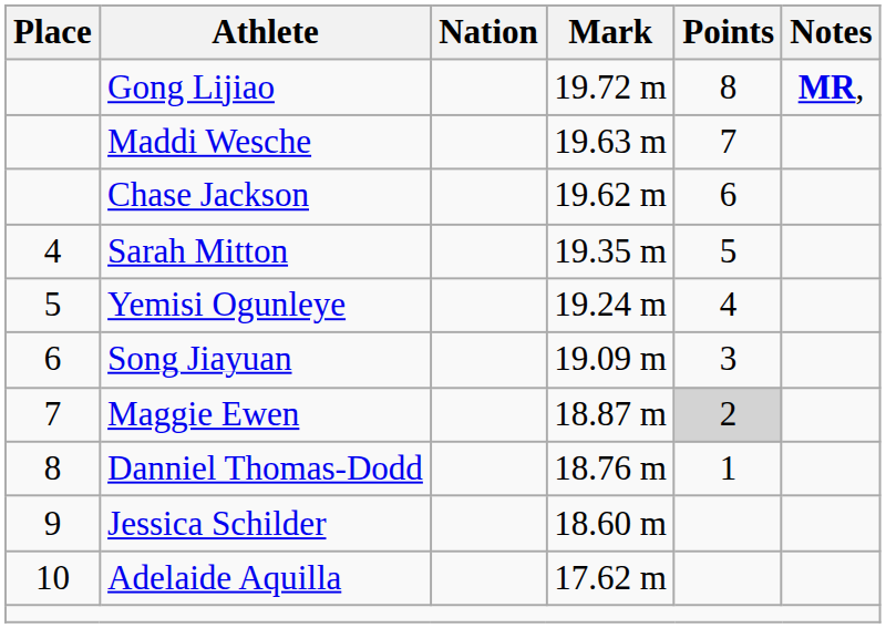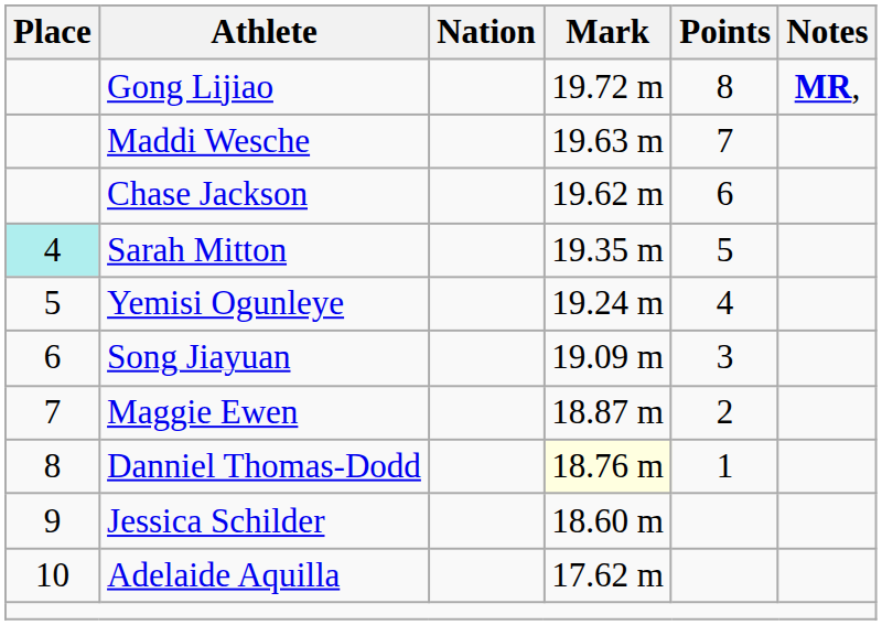 <table class="wikitable mw-datatable sortable" style="text-align:center;">
 <tr>
 <th scope="col">Place</th>
 <th scope="col">Athlete</th>
 <th scope="col">Nation</th>
 <th scope="col">Mark</th>
 <th scope="col">Points</th>
 <th scope="col">Notes</th>
 </tr>
 <tr>
 <td></td>
 <td align="left"><a href='#'>Gong Lijiao</a></td>
 <td align="left"></td>
 <td>19.72 m</td>
 <td>8</td>
 <td><strong><a href='#'>MR</a></strong>, </td>
 </tr>
 <tr>
 <td></td>
 <td align="left"><a href='#'>Maddi Wesche</a></td>
 <td align="left"></td>
 <td>19.63 m</td>
 <td>7</td>
 <td></td>
 </tr>
 <tr>
 <td></td>
 <td align="left"><a href='#'>Chase Jackson</a></td>
 <td align="left"></td>
 <td>19.62 m</td>
 <td>6</td>
 <td></td>
 </tr>
 <tr>
-<td>4</td>
+<td style="background: paleturquoise;">4</td>
 <td align="left"><a href='#'>Sarah Mitton</a></td>
 <td align="left"></td>
 <td>19.35 m</td>
 <td>5</td>
 <td></td>
 </tr>
 <tr>
 <td>5</td>
 <td align="left"><a href='#'>Yemisi Ogunleye</a></td>
 <td align="left"></td>
 <td>19.24 m</td>
 <td>4</td>
 <td></td>
 </tr>
 <tr>
 <td>6</td>
 <td align="left"><a href='#'>Song Jiayuan</a></td>
 <td align="left"></td>
 <td>19.09 m</td>
 <td>3</td>
 <td></td>
 </tr>
 <tr>
 <td>7</td>
 <td align="left"><a href='#'>Maggie Ewen</a></td>
 <td align="left"></td>
 <td>18.87 m</td>
-<td style="background: lightgrey;">2</td>
+<td>2</td>
 <td></td>
 </tr>
 <tr>
 <td>8</td>
 <td align="left"><a href='#'>Danniel Thomas-Dodd</a></td>
 <td align="left"></td>
-<td>18.76 m</td>
+<td style="background: lightyellow;">18.76 m</td>
 <td>1</td>
 <td></td>
 </tr>
 <tr>
 <td>9</td>
 <td align="left"><a href='#'>Jessica Schilder</a></td>
 <td align="left"></td>
 <td>18.60 m</td>
 <td></td>
 <td></td>
 </tr>
 <tr>
 <td>10</td>
 <td align="left"><a href='#'>Adelaide Aquilla</a></td>
 <td align="left"></td>
 <td>17.62 m</td>
 <td></td>
 <td></td>
 </tr>
 <tr class="sortbottom">
 <td colspan="6"></td>
 </tr>
 </table>
